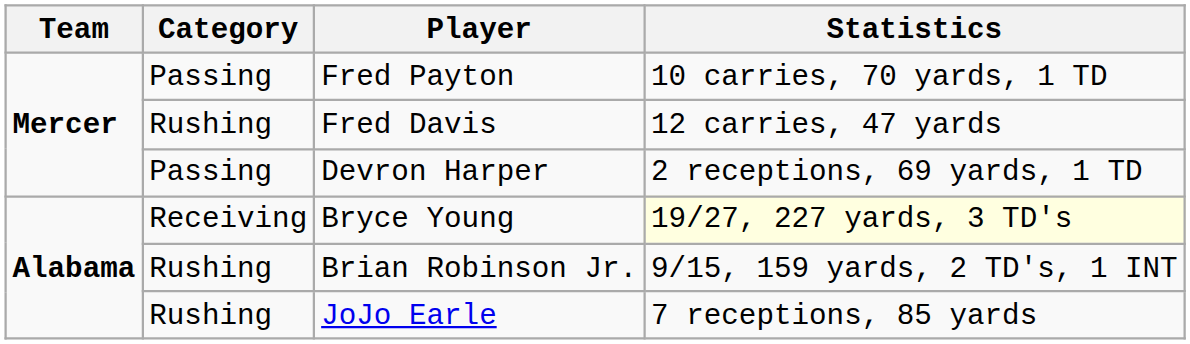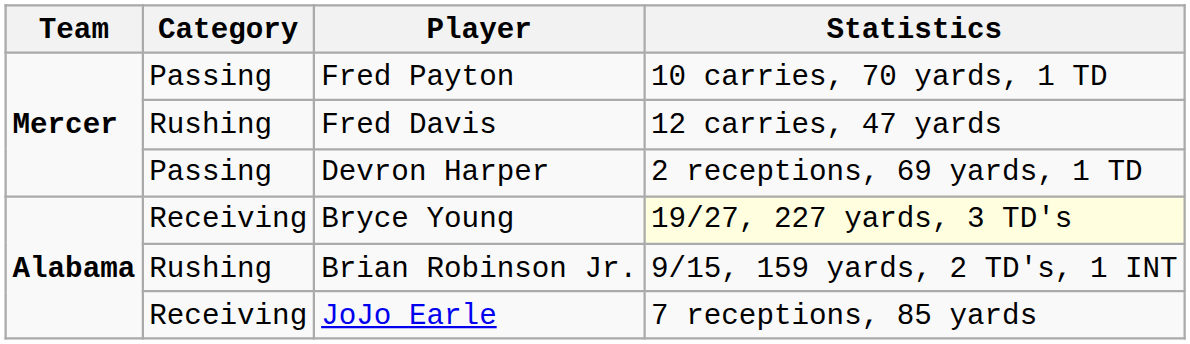 <table class="wikitable" style="float: right;">
 <tr>
 <th>Team</th>
 <th>Category</th>
 <th>Player</th>
 <th>Statistics</th>
 </tr>
 <tr>
 <td rowspan=3><strong>Mercer</strong></td>
 <td>Passing</td>
 <td>Fred Payton</td>
 <td>10 carries, 70 yards, 1 TD</td>
 </tr>
 <tr>
 <td>Rushing</td>
 <td>Fred Davis</td>
 <td>12 carries, 47 yards</td>
 </tr>
 <tr>
 <td>Passing</td>
 <td>Devron Harper</td>
 <td>2 receptions, 69 yards, 1 TD</td>
 </tr>
 <tr>
 <td rowspan=3><strong>Alabama</strong></td>
 <td>Receiving</td>
 <td>Bryce Young</td>
 <td style="background: lightyellow;">19/27, 227 yards, 3 TD's</td>
 </tr>
 <tr>
 <td>Rushing</td>
 <td>Brian Robinson Jr.</td>
 <td>9/15, 159 yards, 2 TD's, 1 INT</td>
 </tr>
 <tr>
-<td>Rushing</td>
+<td>Receiving</td>
 <td><a href='#'>JoJo Earle</a></td>
 <td>7 receptions, 85 yards</td>
 </tr>
 </table>
